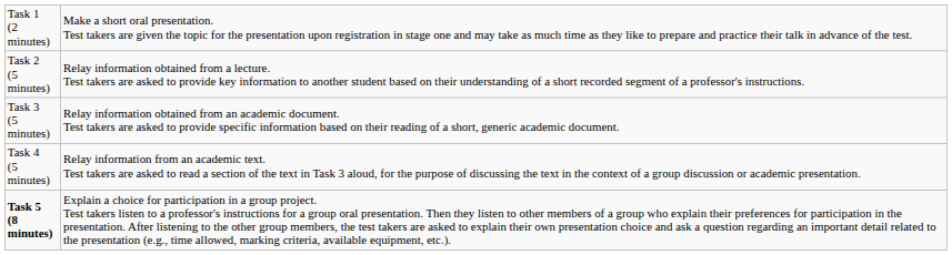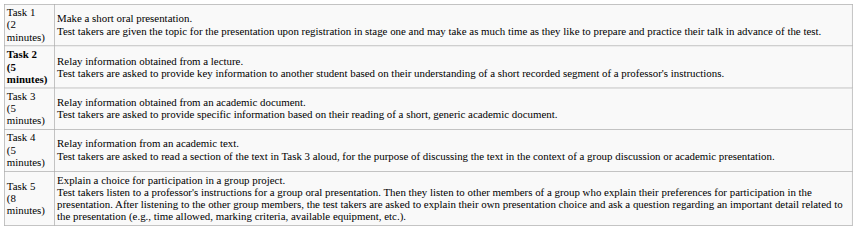 <table class="wikitable">
 <tr>
 <td>Task 1<br>(2 minutes)</td>
 <td>Make a short oral presentation.<br>Test takers are given the topic for the presentation upon registration in stage one and may take as much time as they like to prepare and practice their talk in advance of the test.</td>
 </tr>
 <tr>
-<td>Task 2<br>(5 minutes)</td>
+<td><strong>Task 2<br>(5 minutes)</strong></td>
 <td>Relay information obtained from a lecture.<br>Test takers are asked to provide key information to another student based on their understanding of a short recorded segment of a professor's instructions.</td>
 </tr>
 <tr>
 <td>Task 3<br>(5 minutes)</td>
 <td>Relay information obtained from an academic document.<br>Test takers are asked to provide specific information based on their reading of a short, generic academic document.</td>
 </tr>
 <tr>
 <td>Task 4<br>(5 minutes)</td>
 <td>Relay information from an academic text.<br>Test takers are asked to read a section of the text in Task 3 aloud, for the purpose of discussing the text in the context of a group discussion or academic presentation.</td>
 </tr>
 <tr>
-<td><strong>Task 5<br>(8 minutes)</strong></td>
+<td>Task 5<br>(8 minutes)</td>
 <td>Explain a choice for participation in a group project.<br>Test takers listen to a  professor's instructions for a group oral presentation. Then they listen to other members of a group who explain their preferences for  participation in the presentation. After listening to the other group members, the test takers are asked to explain their own presentation choice and ask a question regarding an important detail related to the presentation (e.g., time allowed, marking criteria, available equipment, etc.).</td>
 </tr>
 </table>
